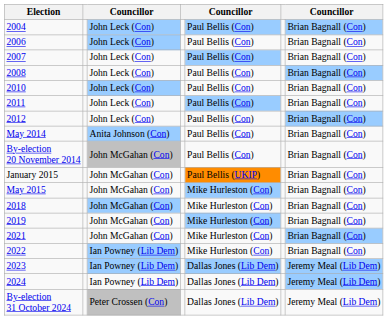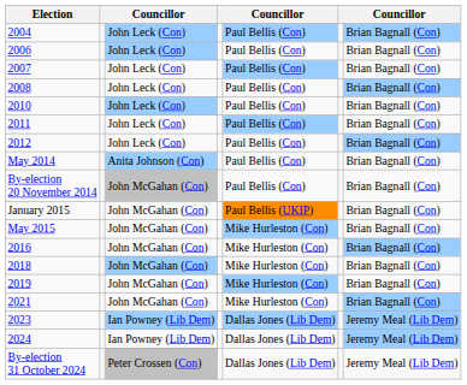 <table class="wikitable">
 <tr>
 <th>Election</th>
 <th colspan="2">Councillor</th>
 <th colspan="2">Councillor</th>
 <th colspan="2">Councillor</th>
 </tr>
 <tr>
 <td><a href='#'>2004</a></td>
 <td style="background-color: "></td>
 <td bgcolor="#99CCFF">John Leck (<a href='#'>Con</a>)</td>
 <td style="background-color: "></td>
 <td bgcolor="#99CCFF">Paul Bellis (<a href='#'>Con</a>)</td>
 <td style="background-color: "></td>
 <td bgcolor="#99CCFF">Brian Bagnall (<a href='#'>Con</a>)</td>
 </tr>
 <tr>
 <td><a href='#'>2006</a></td>
 <td style="background-color: "></td>
 <td bgcolor="#99CCFF">John Leck (<a href='#'>Con</a>)</td>
 <td style="background-color: "></td>
 <td>Paul Bellis (<a href='#'>Con</a>)</td>
 <td style="background-color: "></td>
 <td>Brian Bagnall (<a href='#'>Con</a>)</td>
 </tr>
 <tr>
 <td><a href='#'>2007</a></td>
 <td style="background-color: "></td>
 <td>John Leck (<a href='#'>Con</a>)</td>
 <td style="background-color: "></td>
 <td bgcolor="#99CCFF">Paul Bellis (<a href='#'>Con</a>)</td>
 <td style="background-color: "></td>
 <td>Brian Bagnall (<a href='#'>Con</a>)</td>
 </tr>
 <tr>
 <td><a href='#'>2008</a></td>
 <td style="background-color: "></td>
 <td>John Leck (<a href='#'>Con</a>)</td>
 <td style="background-color: "></td>
 <td>Paul Bellis (<a href='#'>Con</a>)</td>
 <td style="background-color: "></td>
 <td bgcolor="#99CCFF">Brian Bagnall (<a href='#'>Con</a>)</td>
 </tr>
 <tr>
 <td><a href='#'>2010</a></td>
 <td style="background-color: "></td>
 <td bgcolor="#99CCFF">John Leck (<a href='#'>Con</a>)</td>
 <td style="background-color: "></td>
 <td>Paul Bellis (<a href='#'>Con</a>)</td>
 <td style="background-color: "></td>
 <td>Brian Bagnall (<a href='#'>Con</a>)</td>
 </tr>
 <tr>
 <td><a href='#'>2011</a></td>
 <td style="background-color: "></td>
 <td>John Leck (<a href='#'>Con</a>)</td>
 <td style="background-color: "></td>
 <td bgcolor="#99CCFF">Paul Bellis (<a href='#'>Con</a>)</td>
 <td style="background-color: "></td>
 <td>Brian Bagnall (<a href='#'>Con</a>)</td>
 </tr>
 <tr>
 <td><a href='#'>2012</a></td>
 <td style="background-color: "></td>
 <td>John Leck (<a href='#'>Con</a>)</td>
 <td style="background-color: "></td>
 <td>Paul Bellis (<a href='#'>Con</a>)</td>
 <td style="background-color: "></td>
 <td bgcolor="#99CCFF">Brian Bagnall (<a href='#'>Con</a>)</td>
 </tr>
 <tr>
 <td><a href='#'>May 2014</a></td>
 <td style="background-color: "></td>
 <td bgcolor="#99CCFF">Anita Johnson (<a href='#'>Con</a>)</td>
 <td style="background-color: "></td>
 <td>Paul Bellis (<a href='#'>Con</a>)</td>
 <td style="background-color: "></td>
 <td>Brian Bagnall (<a href='#'>Con</a>)</td>
 </tr>
 <tr>
 <td><a href='#'>By-election<br>20 November 2014</a></td>
 <td style="background-color: "></td>
 <td bgcolor="#C0C0C0">John McGahan (<a href='#'>Con</a>)</td>
 <td style="background-color: "></td>
 <td>Paul Bellis (<a href='#'>Con</a>)</td>
 <td style="background-color: "></td>
 <td>Brian Bagnall (<a href='#'>Con</a>)</td>
 </tr>
 <tr>
 <td>January 2015</td>
 <td style="background-color: "></td>
 <td>John McGahan (<a href='#'>Con</a>)</td>
 <td style="background-color: "></td>
 <td bgcolor="#FF8C00">Paul Bellis (<a href='#'>UKIP</a>)</td>
 <td style="background-color: "></td>
 <td>Brian Bagnall (<a href='#'>Con</a>)</td>
 </tr>
 <tr>
 <td><a href='#'>May 2015</a></td>
 <td style="background-color: "></td>
 <td>John McGahan (<a href='#'>Con</a>)</td>
 <td style="background-color: "></td>
 <td bgcolor="#99CCFF">Mike Hurleston (<a href='#'>Con</a>)</td>
 <td style="background-color: "></td>
 <td>Brian Bagnall (<a href='#'>Con</a>)</td>
 </tr>
 <tr>
+<td><a href='#'>2016</a></td>
+<td style="background-color: "></td>
+<td>John McGahan (<a href='#'>Con</a>)</td>
+<td style="background-color: "></td>
+<td>Mike Hurleston (<a href='#'>Con</a>)</td>
+<td style="background-color: "></td>
+<td bgcolor="#99CCFF">Brian Bagnall (<a href='#'>Con</a>)</td>
+</tr>
+<tr>
 <td><a href='#'>2018</a></td>
 <td style="background-color: "></td>
 <td bgcolor="#99CCFF">John McGahan (<a href='#'>Con</a>)</td>
 <td style="background-color: "></td>
 <td>Mike Hurleston (<a href='#'>Con</a>)</td>
 <td style="background-color: "></td>
 <td>Brian Bagnall (<a href='#'>Con</a>)</td>
 </tr>
 <tr>
 <td><a href='#'>2019</a></td>
 <td style="background-color: "></td>
 <td>John McGahan (<a href='#'>Con</a>)</td>
 <td style="background-color: "></td>
 <td bgcolor="#99CCFF">Mike Hurleston (<a href='#'>Con</a>)</td>
 <td style="background-color: "></td>
 <td>Brian Bagnall (<a href='#'>Con</a>)</td>
 </tr>
 <tr>
 <td><a href='#'>2021</a></td>
 <td style="background-color: "></td>
 <td>John McGahan (<a href='#'>Con</a>)</td>
 <td style="background-color: "></td>
 <td>Mike Hurleston (<a href='#'>Con</a>)</td>
 <td style="background-color: "></td>
 <td bgcolor="#99CCFF">Brian Bagnall (<a href='#'>Con</a>)</td>
-</tr>
-<tr>
-<td><a href='#'>2022</a></td>
-<td style="background-color: "></td>
-<td bgcolor="#99CCFF">Ian Powney (<a href='#'>Lib Dem</a>)</td>
-<td style="background-color: "></td>
-<td>Mike Hurleston (<a href='#'>Con</a>)</td>
-<td style="background-color: "></td>
-<td>Brian Bagnall (<a href='#'>Con</a>)</td>
 </tr>
 <tr>
 <td><a href='#'>2023</a></td>
 <td style="background-color: "></td>
 <td bgcolor="#99CCFF">Ian Powney (<a href='#'>Lib Dem</a>)</td>
 <td style="background-color: "></td>
 <td bgcolor="#99CCFF">Dallas Jones (<a href='#'>Lib Dem</a>)</td>
 <td style="background-color: "></td>
 <td bgcolor="#99CCFF">Jeremy Meal (<a href='#'>Lib Dem</a>)</td>
 </tr>
 <tr>
 <td><a href='#'>2024</a></td>
 <td style="background-color: "></td>
 <td>Ian Powney (<a href='#'>Lib Dem</a>)</td>
 <td style="background-color: "></td>
 <td>Dallas Jones (<a href='#'>Lib Dem</a>)</td>
 <td style="background-color: "></td>
 <td bgcolor="#99CCFF">Jeremy Meal (<a href='#'>Lib Dem</a>)</td>
 </tr>
 <tr>
 <td><a href='#'>By-election<br>31 October 2024</a></td>
 <td style="background-color: "></td>
 <td bgcolor="#C0C0C0">Peter Crossen (<a href='#'>Con</a>)</td>
 <td style="background-color: "></td>
 <td>Dallas Jones (<a href='#'>Lib Dem</a>)</td>
 <td style="background-color: "></td>
 <td>Jeremy Meal (<a href='#'>Lib Dem</a>)</td>
 </tr>
 </table>
